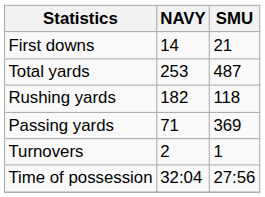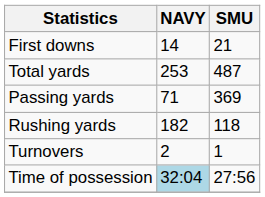 <table class="wikitable" style="float: left;">
 <tr>
 <th>Statistics</th>
 <th>NAVY</th>
 <th>SMU</th>
 </tr>
 <tr>
 <td>First downs</td>
 <td>14</td>
 <td>21</td>
 </tr>
 <tr>
 <td>Total yards</td>
 <td>253</td>
 <td>487</td>
 </tr>
 <tr>
+<td>Passing yards</td>
+<td>71</td>
+<td>369</td>
+</tr>
+<tr>
 <td>Rushing yards</td>
 <td>182</td>
 <td>118</td>
-</tr>
-<tr>
-<td>Passing yards</td>
-<td>71</td>
-<td>369</td>
 </tr>
 <tr>
 <td>Turnovers</td>
 <td>2</td>
 <td>1</td>
 </tr>
 <tr>
 <td>Time of possession</td>
-<td>32:04</td>
+<td style="background: lightblue;">32:04</td>
 <td>27:56</td>
 </tr>
 <tr>
 </tr>
 </table>
